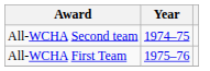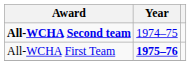 <table class="wikitable">
 <tr>
 <th>Award</th>
 <th>Year</th>
 <th></th>
 </tr>
 <tr>
-<td>All-<a href='#'>WCHA</a> <a href='#'>Second team</a></td>
+<td><strong>All-<a href='#'>WCHA</a> <a href='#'>Second team</a></strong></td>
 <td><a href='#'>1974–75</a></td>
 <td></td>
 </tr>
 <tr>
 <td>All-<a href='#'>WCHA</a> <a href='#'>First Team</a></td>
-<td><a href='#'>1975–76</a></td>
+<td><strong><a href='#'>1975–76</a></strong></td>
 <td></td>
 </tr>
 <tr>
 </tr>
 </table>
